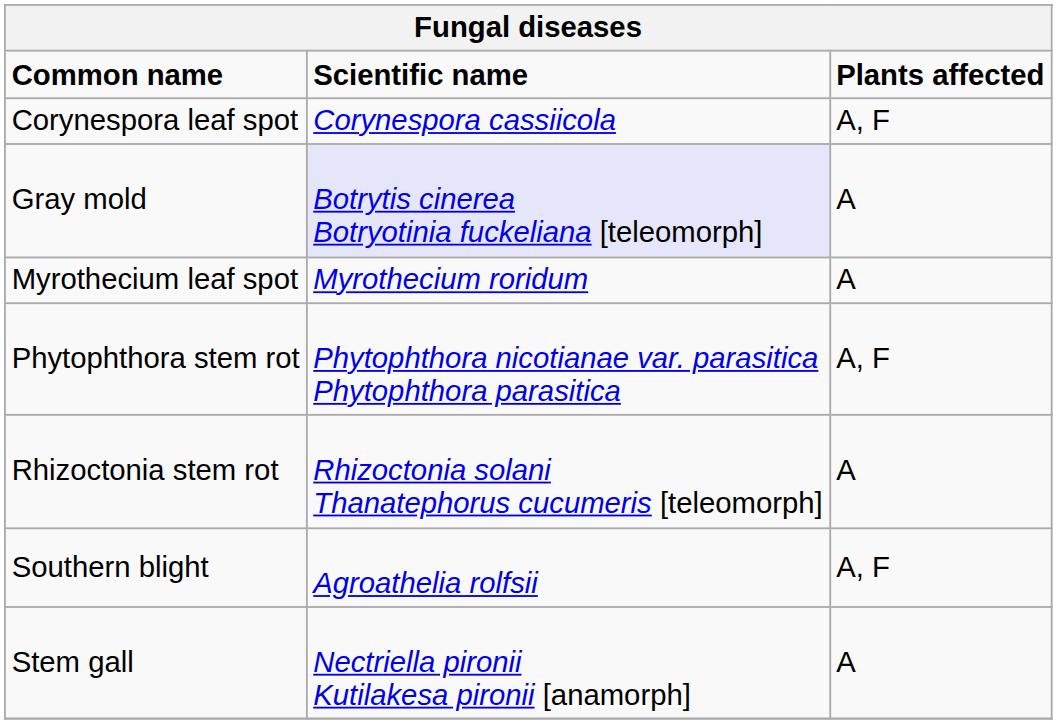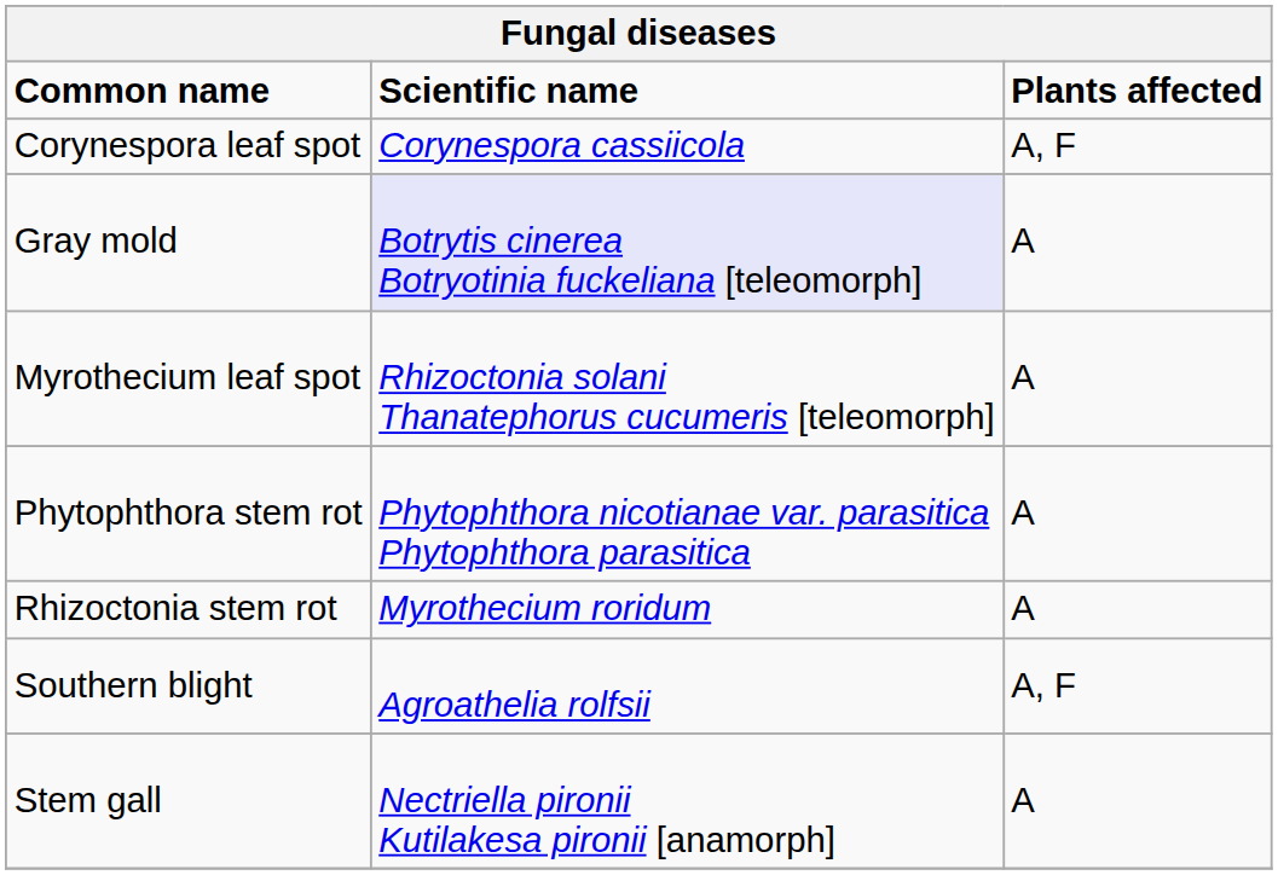 <table class="wikitable" style="clear">
 <tr>
 <th colspan=3><strong>Fungal diseases</strong><br></th>
 </tr>
 <tr>
 <td><strong>Common name</strong></td>
 <td><strong>Scientific name</strong></td>
 <td><strong>Plants affected</strong></td>
 </tr>
 <tr>
 <td>Corynespora leaf spot</td>
 <td><em><a href='#'>Corynespora cassiicola</a></em></td>
 <td>A, F</td>
 </tr>
 <tr>
 <td>Gray mold</td>
 <td style="background: lavender;"><br><em><a href='#'>Botrytis cinerea</a></em><br> <em><a href='#'>Botryotinia fuckeliana</a></em> [teleomorph]</td>
 <td>A</td>
 </tr>
 <tr>
 <td>Myrothecium leaf spot</td>
-<td><em><a href='#'>Myrothecium roridum</a></em></td>
+<td><br><em><a href='#'>Rhizoctonia solani</a></em><br> <em><a href='#'>Thanatephorus cucumeris</a></em> [teleomorph]</td>
 <td>A</td>
 </tr>
 <tr>
 <td>Phytophthora stem rot</td>
 <td><br><em><a href='#'>Phytophthora nicotianae var. parasitica</a></em> <br>  <em><a href='#'>Phytophthora parasitica</a></em></td>
-<td>A, F</td>
+<td>A</td>
 </tr>
 <tr>
 <td>Rhizoctonia stem rot</td>
-<td><br><em><a href='#'>Rhizoctonia solani</a></em><br> <em><a href='#'>Thanatephorus cucumeris</a></em> [teleomorph]</td>
+<td><em><a href='#'>Myrothecium roridum</a></em></td>
 <td>A</td>
 </tr>
 <tr>
 <td>Southern blight</td>
 <td><br><em><a href='#'>Agroathelia rolfsii</a></em><br></td>
 <td>A, F</td>
 </tr>
 <tr>
 <td>Stem gall</td>
 <td><br><em><a href='#'>Nectriella pironii</a></em><br> <em><a href='#'>Kutilakesa pironii</a></em> [anamorph]</td>
 <td>A</td>
 </tr>
 <tr>
 </tr>
 </table>
